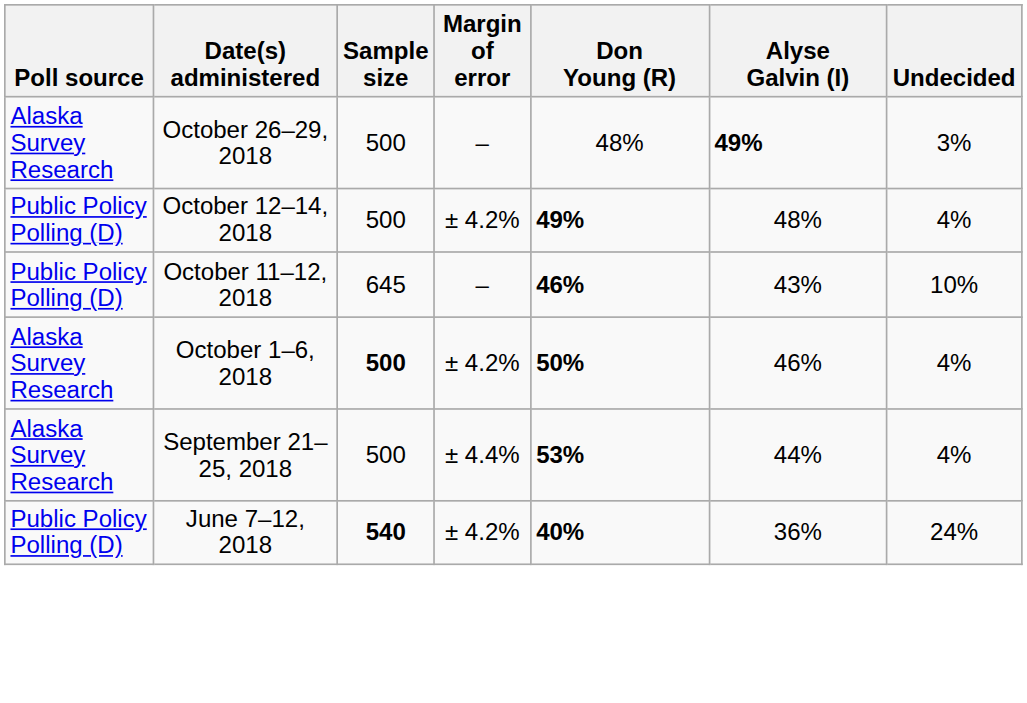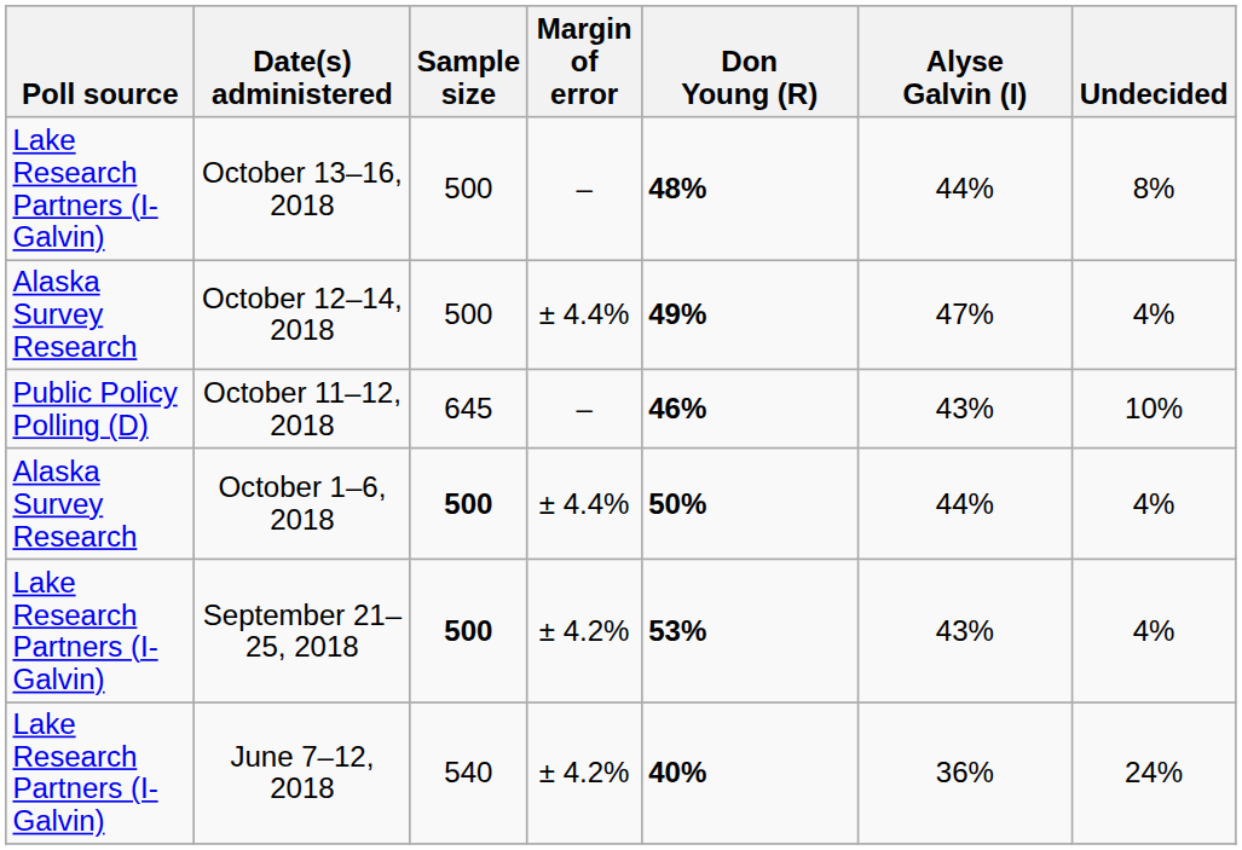 <table class="wikitable" style="font-size:90%;">
 <tr valign= bottom>
 <th>Poll source</th>
 <th>Date(s)<br>administered</th>
 <th>Sample<br>size</th>
 <th>Margin of<br>error</th>
 <th style="width:100px;">Don<br>Young (R)</th>
 <th style="width:100px;">Alyse<br>Galvin (I)</th>
 <th>Undecided</th>
 </tr>
 <tr>
-<td><a href='#'>Alaska Survey Research</a></td>
-<td align=center>October 26–29, 2018</td>
+<td><a href='#'>Lake Research Partners (I-Galvin)</a></td>
+<td align=center>October 13–16, 2018</td>
 <td align=center>500</td>
 <td align=center>–</td>
-<td align=center>48%</td>
-<td><strong>49%</strong></td>
-<td align=center>3%</td>
+<td><strong>48%</strong></td>
+<td align=center>44%</td>
+<td align=center>8%</td>
 </tr>
 <tr>
-<td><a href='#'>Public Policy Polling (D)</a></td>
+<td><a href='#'>Alaska Survey Research</a></td>
 <td align=center>October 12–14, 2018</td>
 <td align=center>500</td>
-<td align=center>± 4.2%</td>
+<td align=center>± 4.4%</td>
 <td><strong>49%</strong></td>
-<td align=center>48%</td>
+<td align=center>47%</td>
 <td align=center>4%</td>
 </tr>
 <tr>
 <td><a href='#'>Public Policy Polling (D)</a></td>
 <td align=center>October 11–12, 2018</td>
 <td align=center>645</td>
 <td align=center>–</td>
 <td><strong>46%</strong></td>
 <td align=center>43%</td>
 <td align=center>10%</td>
 </tr>
 <tr>
 <td><a href='#'>Alaska Survey Research</a></td>
 <td align=center>October 1–6, 2018</td>
 <td align=center><strong>500</strong></td>
-<td align=center>± 4.2%</td>
+<td align=center>± 4.4%</td>
 <td><strong>50%</strong></td>
-<td align=center>46%</td>
-<td align=center>4%</td>
-</tr>
-<tr>
-<td><a href='#'>Alaska Survey Research</a></td>
-<td align=center>September 21–25, 2018</td>
-<td align=center>500</td>
-<td align=center>± 4.4%</td>
-<td><strong>53%</strong></td>
 <td align=center>44%</td>
 <td align=center>4%</td>
 </tr>
 <tr>
-<td><a href='#'>Public Policy Polling (D)</a></td>
+<td><a href='#'>Lake Research Partners (I-Galvin)</a></td>
+<td align=center>September 21–25, 2018</td>
+<td align=center><strong>500</strong></td>
+<td align=center>± 4.2%</td>
+<td><strong>53%</strong></td>
+<td align=center>43%</td>
+<td align=center>4%</td>
+</tr>
+<tr>
+<td><a href='#'>Lake Research Partners (I-Galvin)</a></td>
 <td align=center>June 7–12, 2018</td>
-<td align=center><strong>540</strong></td>
+<td align=center>540</td>
 <td align=center>± 4.2%</td>
 <td><strong>40%</strong></td>
 <td align=center>36%</td>
 <td align=center>24%</td>
 </tr>
 </table>
